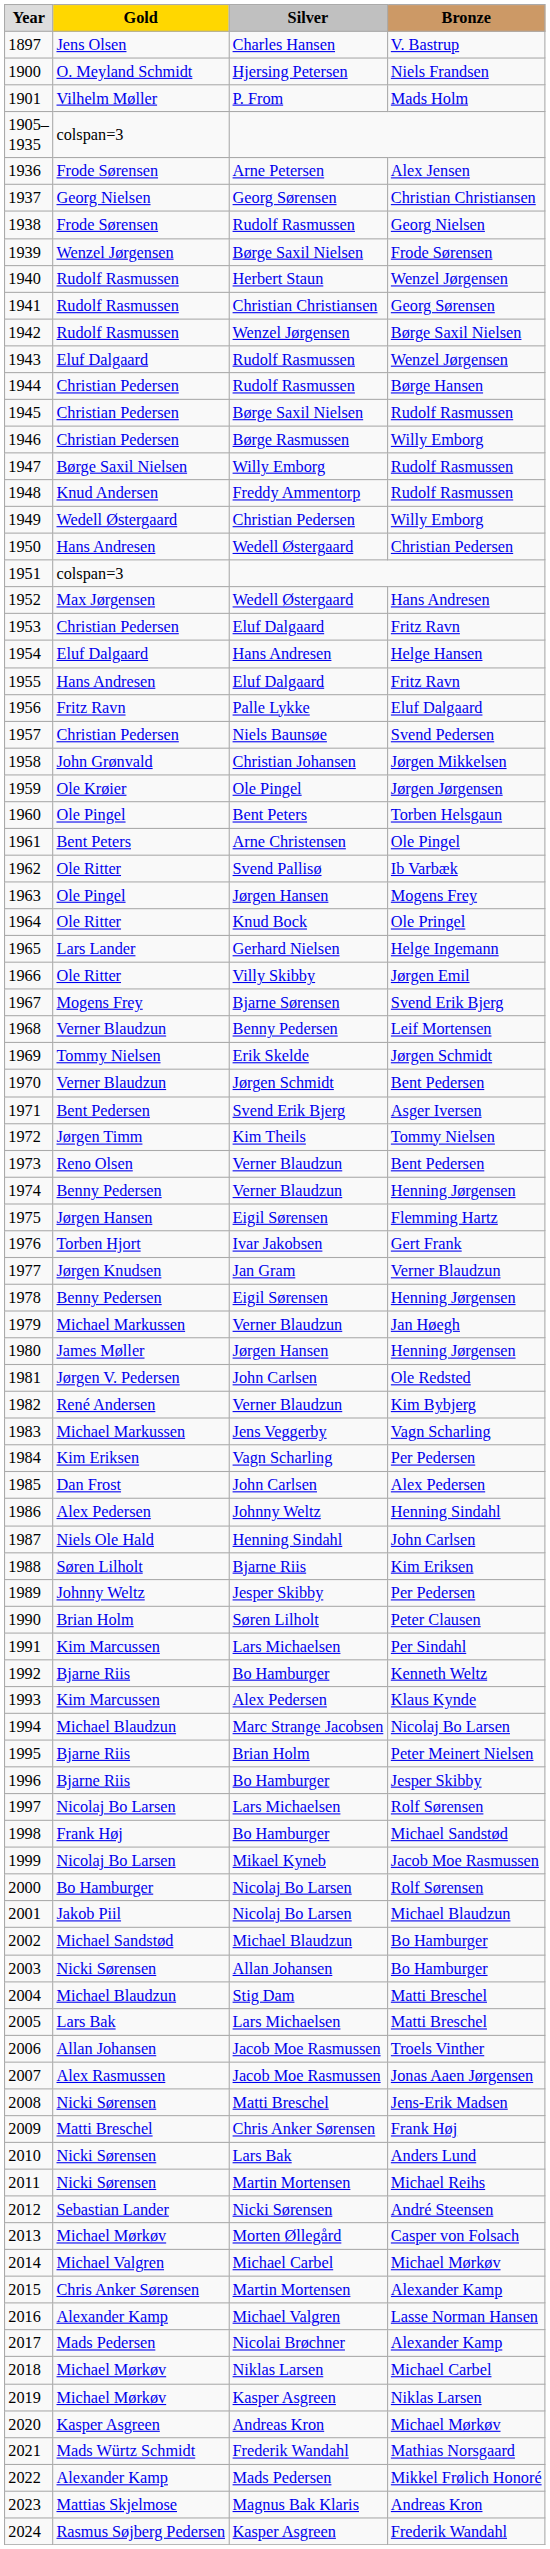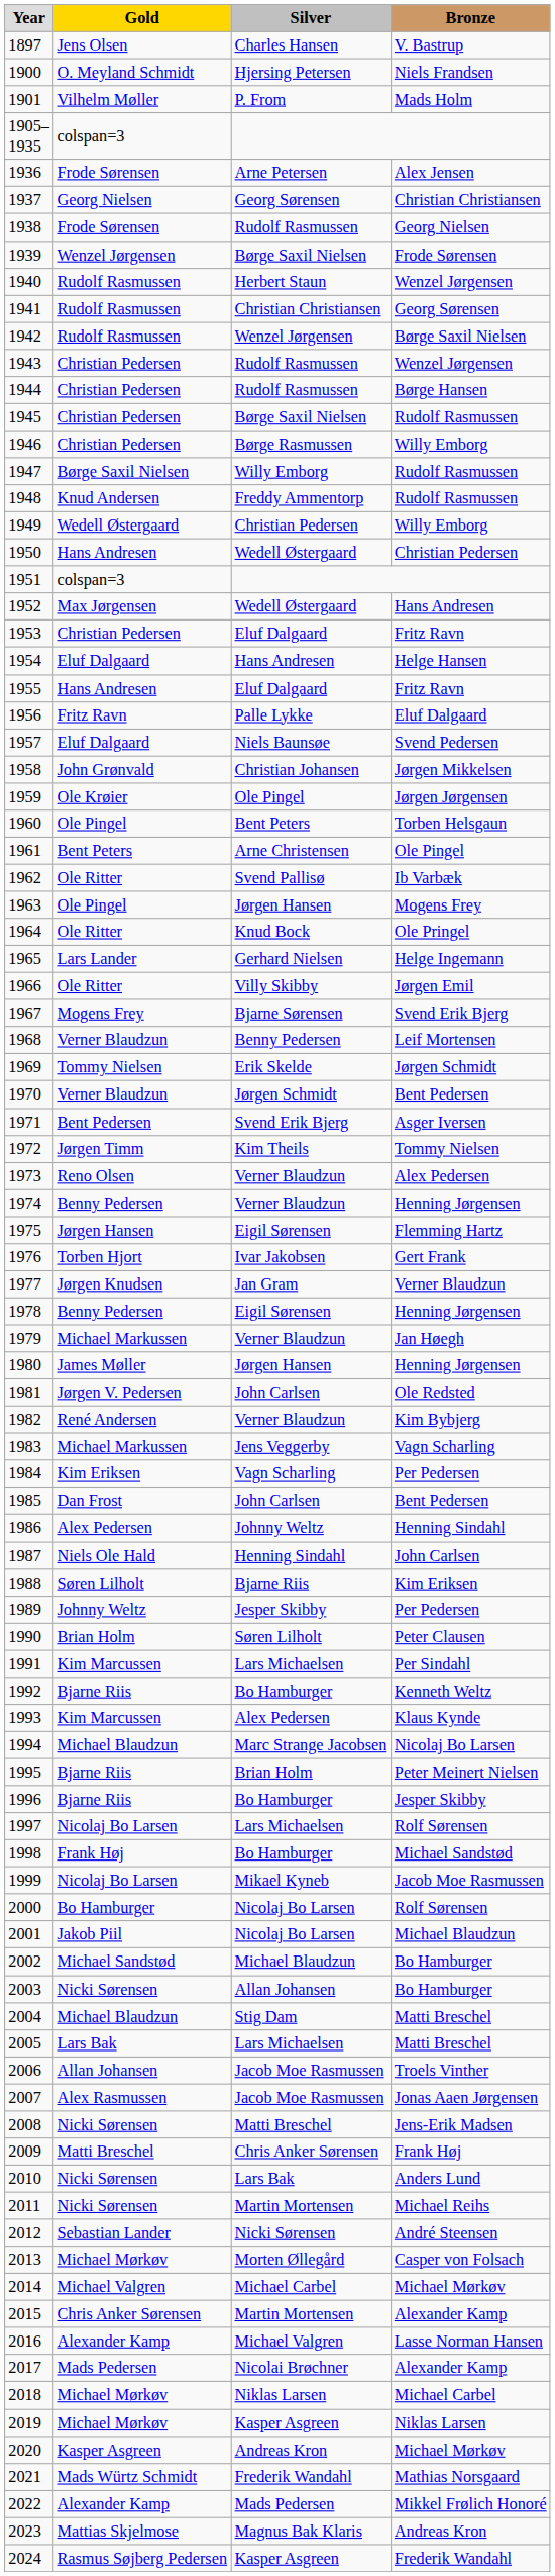 <table class="wikitable sortable" style="font-size:95%">
 <tr>
 <td style="background:#DDDDDD; font-weight:bold; text-align:center;">Year</td>
 <td style="background:gold; font-weight:bold; text-align:center;">Gold</td>
 <td style="background:silver; font-weight:bold; text-align:center;">Silver</td>
 <td style="background:#cc9966; font-weight:bold; text-align:center;">Bronze</td>
 </tr>
 <tr>
 <td>1897</td>
 <td><a href='#'>Jens Olsen</a></td>
 <td><a href='#'>Charles Hansen</a></td>
 <td><a href='#'>V. Bastrup</a></td>
 </tr>
 <tr>
 <td>1900</td>
 <td><a href='#'>O. Meyland Schmidt</a></td>
 <td><a href='#'>Hjersing Petersen</a></td>
 <td><a href='#'>Niels Frandsen</a></td>
 </tr>
 <tr>
 <td>1901</td>
 <td><a href='#'>Vilhelm Møller</a></td>
 <td><a href='#'>P. From</a></td>
 <td><a href='#'>Mads Holm</a></td>
 </tr>
 <tr>
 <td>1905–<br>1935</td>
 <td>colspan=3 </td>
 </tr>
 <tr>
 <td>1936</td>
 <td><a href='#'>Frode Sørensen</a></td>
 <td><a href='#'>Arne Petersen</a></td>
 <td><a href='#'>Alex Jensen</a></td>
 </tr>
 <tr>
 <td>1937</td>
 <td><a href='#'>Georg Nielsen</a></td>
 <td><a href='#'>Georg Sørensen</a></td>
 <td><a href='#'>Christian Christiansen</a></td>
 </tr>
 <tr>
 <td>1938</td>
 <td><a href='#'>Frode Sørensen</a></td>
 <td><a href='#'>Rudolf Rasmussen</a></td>
 <td><a href='#'>Georg Nielsen</a></td>
 </tr>
 <tr>
 <td>1939</td>
 <td><a href='#'>Wenzel Jørgensen</a></td>
 <td><a href='#'>Børge Saxil Nielsen</a></td>
 <td><a href='#'>Frode Sørensen</a></td>
 </tr>
 <tr>
 <td>1940</td>
 <td><a href='#'>Rudolf Rasmussen</a></td>
 <td><a href='#'>Herbert Staun</a></td>
 <td><a href='#'>Wenzel Jørgensen</a></td>
 </tr>
 <tr>
 <td>1941</td>
 <td><a href='#'>Rudolf Rasmussen</a></td>
 <td><a href='#'>Christian Christiansen</a></td>
 <td><a href='#'>Georg Sørensen</a></td>
 </tr>
 <tr>
 <td>1942</td>
 <td><a href='#'>Rudolf Rasmussen</a></td>
 <td><a href='#'>Wenzel Jørgensen</a></td>
 <td><a href='#'>Børge Saxil Nielsen</a></td>
 </tr>
 <tr>
 <td>1943</td>
-<td><a href='#'>Eluf Dalgaard</a></td>
+<td><a href='#'>Christian Pedersen</a></td>
 <td><a href='#'>Rudolf Rasmussen</a></td>
 <td><a href='#'>Wenzel Jørgensen</a></td>
 </tr>
 <tr>
 <td>1944</td>
 <td><a href='#'>Christian Pedersen</a></td>
 <td><a href='#'>Rudolf Rasmussen</a></td>
 <td><a href='#'>Børge Hansen</a></td>
 </tr>
 <tr>
 <td>1945</td>
 <td><a href='#'>Christian Pedersen</a></td>
 <td><a href='#'>Børge Saxil Nielsen</a></td>
 <td><a href='#'>Rudolf Rasmussen</a></td>
 </tr>
 <tr>
 <td>1946</td>
 <td><a href='#'>Christian Pedersen</a></td>
 <td><a href='#'>Børge Rasmussen</a></td>
 <td><a href='#'>Willy Emborg</a></td>
 </tr>
 <tr>
 <td>1947</td>
 <td><a href='#'>Børge Saxil Nielsen</a></td>
 <td><a href='#'>Willy Emborg</a></td>
 <td><a href='#'>Rudolf Rasmussen</a></td>
 </tr>
 <tr>
 <td>1948</td>
 <td><a href='#'>Knud Andersen</a></td>
 <td><a href='#'>Freddy Ammentorp</a></td>
 <td><a href='#'>Rudolf Rasmussen</a></td>
 </tr>
 <tr>
 <td>1949</td>
 <td><a href='#'>Wedell Østergaard</a></td>
 <td><a href='#'>Christian Pedersen</a></td>
 <td><a href='#'>Willy Emborg</a></td>
 </tr>
 <tr>
 <td>1950</td>
 <td><a href='#'>Hans Andresen</a></td>
 <td><a href='#'>Wedell Østergaard</a></td>
 <td><a href='#'>Christian Pedersen</a></td>
 </tr>
 <tr>
 <td>1951</td>
 <td>colspan=3 </td>
 </tr>
 <tr>
 <td>1952</td>
 <td><a href='#'>Max Jørgensen</a></td>
 <td><a href='#'>Wedell Østergaard</a></td>
 <td><a href='#'>Hans Andresen</a></td>
 </tr>
 <tr>
 <td>1953</td>
 <td><a href='#'>Christian Pedersen</a></td>
 <td><a href='#'>Eluf Dalgaard</a></td>
 <td><a href='#'>Fritz Ravn</a></td>
 </tr>
 <tr>
 <td>1954</td>
 <td><a href='#'>Eluf Dalgaard</a></td>
 <td><a href='#'>Hans Andresen</a></td>
 <td><a href='#'>Helge Hansen</a></td>
 </tr>
 <tr>
 <td>1955</td>
 <td><a href='#'>Hans Andresen</a></td>
 <td><a href='#'>Eluf Dalgaard</a></td>
 <td><a href='#'>Fritz Ravn</a></td>
 </tr>
 <tr>
 <td>1956</td>
 <td><a href='#'>Fritz Ravn</a></td>
 <td><a href='#'>Palle Lykke</a></td>
 <td><a href='#'>Eluf Dalgaard</a></td>
 </tr>
 <tr>
 <td>1957</td>
-<td><a href='#'>Christian Pedersen</a></td>
+<td><a href='#'>Eluf Dalgaard</a></td>
 <td><a href='#'>Niels Baunsøe</a></td>
 <td><a href='#'>Svend Pedersen</a></td>
 </tr>
 <tr>
 <td>1958</td>
 <td><a href='#'>John Grønvald</a></td>
 <td><a href='#'>Christian Johansen</a></td>
 <td><a href='#'>Jørgen Mikkelsen</a></td>
 </tr>
 <tr>
 <td>1959</td>
 <td><a href='#'>Ole Krøier</a></td>
 <td><a href='#'>Ole Pingel</a></td>
 <td><a href='#'>Jørgen Jørgensen</a></td>
 </tr>
 <tr>
 <td>1960</td>
 <td><a href='#'>Ole Pingel</a></td>
 <td><a href='#'>Bent Peters</a></td>
 <td><a href='#'>Torben Helsgaun</a></td>
 </tr>
 <tr>
 <td>1961</td>
 <td><a href='#'>Bent Peters</a></td>
 <td><a href='#'>Arne Christensen</a></td>
 <td><a href='#'>Ole Pingel</a></td>
 </tr>
 <tr>
 <td>1962</td>
 <td><a href='#'>Ole Ritter</a></td>
 <td><a href='#'>Svend Pallisø</a></td>
 <td><a href='#'>Ib Varbæk</a></td>
 </tr>
 <tr>
 <td>1963</td>
 <td><a href='#'>Ole Pingel</a></td>
 <td><a href='#'>Jørgen Hansen</a></td>
 <td><a href='#'>Mogens Frey</a></td>
 </tr>
 <tr>
 <td>1964</td>
 <td><a href='#'>Ole Ritter</a></td>
 <td><a href='#'>Knud Bock</a></td>
 <td><a href='#'>Ole Pringel</a></td>
 </tr>
 <tr>
 <td>1965</td>
 <td><a href='#'>Lars Lander</a></td>
 <td><a href='#'>Gerhard Nielsen</a></td>
 <td><a href='#'>Helge Ingemann</a></td>
 </tr>
 <tr>
 <td>1966</td>
 <td><a href='#'>Ole Ritter</a></td>
 <td><a href='#'>Villy Skibby</a></td>
 <td><a href='#'>Jørgen Emil</a></td>
 </tr>
 <tr>
 <td>1967</td>
 <td><a href='#'>Mogens Frey</a></td>
 <td><a href='#'>Bjarne Sørensen</a></td>
 <td><a href='#'>Svend Erik Bjerg</a></td>
 </tr>
 <tr>
 <td>1968</td>
 <td><a href='#'>Verner Blaudzun</a></td>
 <td><a href='#'>Benny Pedersen</a></td>
 <td><a href='#'>Leif Mortensen</a></td>
 </tr>
 <tr>
 <td>1969</td>
 <td><a href='#'>Tommy Nielsen</a></td>
 <td><a href='#'>Erik Skelde</a></td>
 <td><a href='#'>Jørgen Schmidt</a></td>
 </tr>
 <tr>
 <td>1970</td>
 <td><a href='#'>Verner Blaudzun</a></td>
 <td><a href='#'>Jørgen Schmidt</a></td>
 <td><a href='#'>Bent Pedersen</a></td>
 </tr>
 <tr>
 <td>1971</td>
 <td><a href='#'>Bent Pedersen</a></td>
 <td><a href='#'>Svend Erik Bjerg</a></td>
 <td><a href='#'>Asger Iversen</a></td>
 </tr>
 <tr>
 <td>1972</td>
 <td><a href='#'>Jørgen Timm</a></td>
 <td><a href='#'>Kim Theils</a></td>
 <td><a href='#'>Tommy Nielsen</a></td>
 </tr>
 <tr>
 <td>1973</td>
 <td><a href='#'>Reno Olsen</a></td>
 <td><a href='#'>Verner Blaudzun</a></td>
-<td><a href='#'>Bent Pedersen</a></td>
+<td><a href='#'>Alex Pedersen</a></td>
 </tr>
 <tr>
 <td>1974</td>
 <td><a href='#'>Benny Pedersen</a></td>
 <td><a href='#'>Verner Blaudzun</a></td>
 <td><a href='#'>Henning Jørgensen</a></td>
 </tr>
 <tr>
 <td>1975</td>
 <td><a href='#'>Jørgen Hansen</a></td>
 <td><a href='#'>Eigil Sørensen</a></td>
 <td><a href='#'>Flemming Hartz</a></td>
 </tr>
 <tr>
 <td>1976</td>
 <td><a href='#'>Torben Hjort</a></td>
 <td><a href='#'>Ivar Jakobsen</a></td>
 <td><a href='#'>Gert Frank</a></td>
 </tr>
 <tr>
 <td>1977</td>
 <td><a href='#'>Jørgen Knudsen</a></td>
 <td><a href='#'>Jan Gram</a></td>
 <td><a href='#'>Verner Blaudzun</a></td>
 </tr>
 <tr>
 <td>1978</td>
 <td><a href='#'>Benny Pedersen</a></td>
 <td><a href='#'>Eigil Sørensen</a></td>
 <td><a href='#'>Henning Jørgensen</a></td>
 </tr>
 <tr>
 <td>1979</td>
 <td><a href='#'>Michael Markussen</a></td>
 <td><a href='#'>Verner Blaudzun</a></td>
 <td><a href='#'>Jan Høegh</a></td>
 </tr>
 <tr>
 <td>1980</td>
 <td><a href='#'>James Møller</a></td>
 <td><a href='#'>Jørgen Hansen</a></td>
 <td><a href='#'>Henning Jørgensen</a></td>
 </tr>
 <tr>
 <td>1981</td>
 <td><a href='#'>Jørgen V. Pedersen</a></td>
 <td><a href='#'>John Carlsen</a></td>
 <td><a href='#'>Ole Redsted</a></td>
 </tr>
 <tr>
 <td>1982</td>
 <td><a href='#'>René Andersen</a></td>
 <td><a href='#'>Verner Blaudzun</a></td>
 <td><a href='#'>Kim Bybjerg</a></td>
 </tr>
 <tr>
 <td>1983</td>
 <td><a href='#'>Michael Markussen</a></td>
 <td><a href='#'>Jens Veggerby</a></td>
 <td><a href='#'>Vagn Scharling</a></td>
 </tr>
 <tr>
 <td>1984</td>
 <td><a href='#'>Kim Eriksen</a></td>
 <td><a href='#'>Vagn Scharling</a></td>
 <td><a href='#'>Per Pedersen</a></td>
 </tr>
 <tr>
 <td>1985</td>
 <td><a href='#'>Dan Frost</a></td>
 <td><a href='#'>John Carlsen</a></td>
-<td><a href='#'>Alex Pedersen</a></td>
+<td><a href='#'>Bent Pedersen</a></td>
 </tr>
 <tr>
 <td>1986</td>
 <td><a href='#'>Alex Pedersen</a></td>
 <td><a href='#'>Johnny Weltz</a></td>
 <td><a href='#'>Henning Sindahl</a></td>
 </tr>
 <tr>
 <td>1987</td>
 <td><a href='#'>Niels Ole Hald</a></td>
 <td><a href='#'>Henning Sindahl</a></td>
 <td><a href='#'>John Carlsen</a></td>
 </tr>
 <tr>
 <td>1988</td>
 <td><a href='#'>Søren Lilholt</a></td>
 <td><a href='#'>Bjarne Riis</a></td>
 <td><a href='#'>Kim Eriksen</a></td>
 </tr>
 <tr>
 <td>1989</td>
 <td><a href='#'>Johnny Weltz</a></td>
 <td><a href='#'>Jesper Skibby</a></td>
 <td><a href='#'>Per Pedersen</a></td>
 </tr>
 <tr>
 <td>1990</td>
 <td><a href='#'>Brian Holm</a></td>
 <td><a href='#'>Søren Lilholt</a></td>
 <td><a href='#'>Peter Clausen</a></td>
 </tr>
 <tr>
 <td>1991</td>
 <td><a href='#'>Kim Marcussen</a></td>
 <td><a href='#'>Lars Michaelsen</a></td>
 <td><a href='#'>Per Sindahl</a></td>
 </tr>
 <tr>
 <td>1992</td>
 <td><a href='#'>Bjarne Riis</a></td>
 <td><a href='#'>Bo Hamburger</a></td>
 <td><a href='#'>Kenneth Weltz</a></td>
 </tr>
 <tr>
 <td>1993</td>
 <td><a href='#'>Kim Marcussen</a></td>
 <td><a href='#'>Alex Pedersen</a></td>
 <td><a href='#'>Klaus Kynde</a></td>
 </tr>
 <tr>
 <td>1994</td>
 <td><a href='#'>Michael Blaudzun</a></td>
 <td><a href='#'>Marc Strange Jacobsen</a></td>
 <td><a href='#'>Nicolaj Bo Larsen</a></td>
 </tr>
 <tr>
 <td>1995</td>
 <td><a href='#'>Bjarne Riis</a></td>
 <td><a href='#'>Brian Holm</a></td>
 <td><a href='#'>Peter Meinert Nielsen</a></td>
 </tr>
 <tr>
 <td>1996</td>
 <td><a href='#'>Bjarne Riis</a></td>
 <td><a href='#'>Bo Hamburger</a></td>
 <td><a href='#'>Jesper Skibby</a></td>
 </tr>
 <tr>
 <td>1997</td>
 <td><a href='#'>Nicolaj Bo Larsen</a></td>
 <td><a href='#'>Lars Michaelsen</a></td>
 <td><a href='#'>Rolf Sørensen</a></td>
 </tr>
 <tr>
 <td>1998</td>
 <td><a href='#'>Frank Høj</a></td>
 <td><a href='#'>Bo Hamburger</a></td>
 <td><a href='#'>Michael Sandstød</a></td>
 </tr>
 <tr>
 <td>1999</td>
 <td><a href='#'>Nicolaj Bo Larsen</a></td>
 <td><a href='#'>Mikael Kyneb</a></td>
 <td><a href='#'>Jacob Moe Rasmussen</a></td>
 </tr>
 <tr>
 <td>2000</td>
 <td><a href='#'>Bo Hamburger</a></td>
 <td><a href='#'>Nicolaj Bo Larsen</a></td>
 <td><a href='#'>Rolf Sørensen</a></td>
 </tr>
 <tr>
 <td>2001</td>
 <td><a href='#'>Jakob Piil</a></td>
 <td><a href='#'>Nicolaj Bo Larsen</a></td>
 <td><a href='#'>Michael Blaudzun</a></td>
 </tr>
 <tr>
 <td>2002</td>
 <td><a href='#'>Michael Sandstød</a></td>
 <td><a href='#'>Michael Blaudzun</a></td>
 <td><a href='#'>Bo Hamburger</a></td>
 </tr>
 <tr>
 <td>2003</td>
 <td><a href='#'>Nicki Sørensen</a></td>
 <td><a href='#'>Allan Johansen</a></td>
 <td><a href='#'>Bo Hamburger</a></td>
 </tr>
 <tr>
 <td>2004</td>
 <td><a href='#'>Michael Blaudzun</a></td>
 <td><a href='#'>Stig Dam</a></td>
 <td><a href='#'>Matti Breschel</a></td>
 </tr>
 <tr>
 <td>2005</td>
 <td><a href='#'>Lars Bak</a></td>
 <td><a href='#'>Lars Michaelsen</a></td>
 <td><a href='#'>Matti Breschel</a></td>
 </tr>
 <tr>
 <td>2006</td>
 <td><a href='#'>Allan Johansen</a></td>
 <td><a href='#'>Jacob Moe Rasmussen</a></td>
 <td><a href='#'>Troels Vinther</a></td>
 </tr>
 <tr>
 <td>2007</td>
 <td><a href='#'>Alex Rasmussen</a></td>
 <td><a href='#'>Jacob Moe Rasmussen</a></td>
 <td><a href='#'>Jonas Aaen Jørgensen</a></td>
 </tr>
 <tr>
 <td>2008</td>
 <td><a href='#'>Nicki Sørensen</a></td>
 <td><a href='#'>Matti Breschel</a></td>
 <td><a href='#'>Jens-Erik Madsen</a></td>
 </tr>
 <tr>
 <td>2009</td>
 <td><a href='#'>Matti Breschel</a></td>
 <td><a href='#'>Chris Anker Sørensen</a></td>
 <td><a href='#'>Frank Høj</a></td>
 </tr>
 <tr>
 <td>2010</td>
 <td><a href='#'>Nicki Sørensen</a></td>
 <td><a href='#'>Lars Bak</a></td>
 <td><a href='#'>Anders Lund</a></td>
 </tr>
 <tr>
 <td>2011</td>
 <td><a href='#'>Nicki Sørensen</a></td>
 <td><a href='#'>Martin Mortensen</a></td>
 <td><a href='#'>Michael Reihs</a></td>
 </tr>
 <tr>
 <td>2012</td>
 <td><a href='#'>Sebastian Lander</a></td>
 <td><a href='#'>Nicki Sørensen</a></td>
 <td><a href='#'>André Steensen</a></td>
 </tr>
 <tr>
 <td>2013</td>
 <td><a href='#'>Michael Mørkøv</a></td>
 <td><a href='#'>Morten Øllegård</a></td>
 <td><a href='#'>Casper von Folsach</a></td>
 </tr>
 <tr>
 <td>2014</td>
 <td><a href='#'>Michael Valgren</a></td>
 <td><a href='#'>Michael Carbel</a></td>
 <td><a href='#'>Michael Mørkøv</a></td>
 </tr>
 <tr>
 <td>2015</td>
 <td><a href='#'>Chris Anker Sørensen</a></td>
 <td><a href='#'>Martin Mortensen</a></td>
 <td><a href='#'>Alexander Kamp</a></td>
 </tr>
 <tr>
 <td>2016</td>
 <td><a href='#'>Alexander Kamp</a></td>
 <td><a href='#'>Michael Valgren</a></td>
 <td><a href='#'>Lasse Norman Hansen</a></td>
 </tr>
 <tr>
 <td>2017</td>
 <td><a href='#'>Mads Pedersen</a></td>
 <td><a href='#'>Nicolai Brøchner</a></td>
 <td><a href='#'>Alexander Kamp</a></td>
 </tr>
 <tr>
 <td>2018</td>
 <td><a href='#'>Michael Mørkøv</a></td>
 <td><a href='#'>Niklas Larsen</a></td>
 <td><a href='#'>Michael Carbel</a></td>
 </tr>
 <tr>
 <td>2019</td>
 <td><a href='#'>Michael Mørkøv</a></td>
 <td><a href='#'>Kasper Asgreen</a></td>
 <td><a href='#'>Niklas Larsen</a></td>
 </tr>
 <tr>
 <td>2020</td>
 <td><a href='#'>Kasper Asgreen</a></td>
 <td><a href='#'>Andreas Kron</a></td>
 <td><a href='#'>Michael Mørkøv</a></td>
 </tr>
 <tr>
 <td>2021</td>
 <td><a href='#'>Mads Würtz Schmidt</a></td>
 <td><a href='#'>Frederik Wandahl</a></td>
 <td><a href='#'>Mathias Norsgaard</a></td>
 </tr>
 <tr>
 <td>2022</td>
 <td><a href='#'>Alexander Kamp</a></td>
 <td><a href='#'>Mads Pedersen</a></td>
 <td><a href='#'>Mikkel Frølich Honoré</a></td>
 </tr>
 <tr>
 <td>2023</td>
 <td><a href='#'>Mattias Skjelmose</a></td>
 <td><a href='#'>Magnus Bak Klaris</a></td>
 <td><a href='#'>Andreas Kron</a></td>
 </tr>
 <tr>
 <td>2024</td>
 <td><a href='#'>Rasmus Søjberg Pedersen</a></td>
 <td><a href='#'>Kasper Asgreen</a></td>
 <td><a href='#'>Frederik Wandahl</a></td>
 </tr>
 </table>
